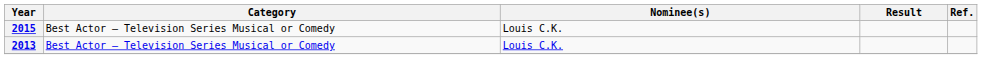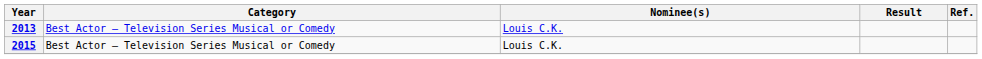 <table class="wikitable plainrowheaders" width=100%>
 <tr>
 <th scope="col" width="4%">Year</th>
 <th scope="col" width="47%">Category</th>
 <th scope="col" width="37%">Nominee(s)</th>
 <th scope="col" width="9%">Result</th>
 <th scope="col" width="3%">Ref.</th>
 </tr>
 <tr>
+<th scope="row"><a href='#'>2013</a></th>
+<td><a href='#'>Best Actor – Television Series Musical or Comedy</a></td>
+<td><a href='#'>Louis C.K.</a></td>
+<td></td>
+<td></td>
+</tr>
+<tr>
 <th scope="row"><a href='#'>2015</a></th>
 <td>Best Actor – Television Series Musical or Comedy</td>
 <td>Louis C.K.</td>
 <td></td>
 <td></td>
 </tr>
 <tr>
-<th scope="row"><a href='#'>2013</a></th>
-<td><a href='#'>Best Actor – Television Series Musical or Comedy</a></td>
-<td><a href='#'>Louis C.K.</a></td>
-<td></td>
-<td></td>
-</tr>
-<tr>
 </tr>
 </table>
